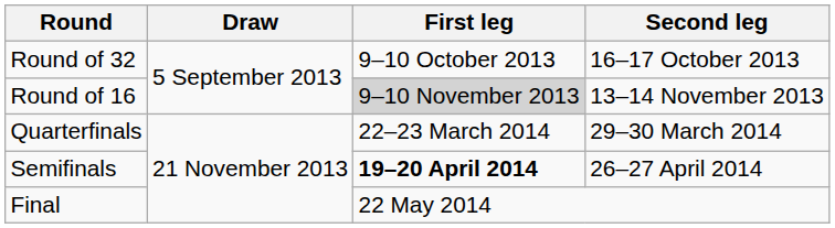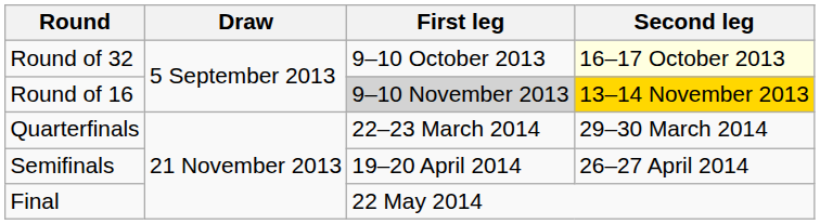 <table class="wikitable">
 <tr>
 <th>Round</th>
 <th>Draw</th>
 <th>First leg</th>
 <th>Second leg</th>
 </tr>
 <tr>
 <td>Round of 32</td>
 <td rowspan=2>5 September 2013</td>
 <td>9–10 October 2013</td>
-<td>16–17 October 2013</td>
+<td style="background: lightyellow;">16–17 October 2013</td>
 </tr>
 <tr>
 <td>Round of 16</td>
 <td style="background: lightgrey;">9–10 November 2013</td>
-<td>13–14 November 2013</td>
+<td style="background: gold;">13–14 November 2013</td>
 </tr>
 <tr>
 <td>Quarterfinals</td>
 <td rowspan=3>21 November 2013</td>
 <td>22–23 March 2014</td>
 <td>29–30 March 2014</td>
 </tr>
 <tr>
 <td>Semifinals</td>
-<td><strong>19–20 April 2014</strong></td>
+<td>19–20 April 2014</td>
 <td>26–27 April 2014</td>
 </tr>
 <tr>
 <td>Final</td>
 <td colspan=2>22 May 2014</td>
 </tr>
 </table>
